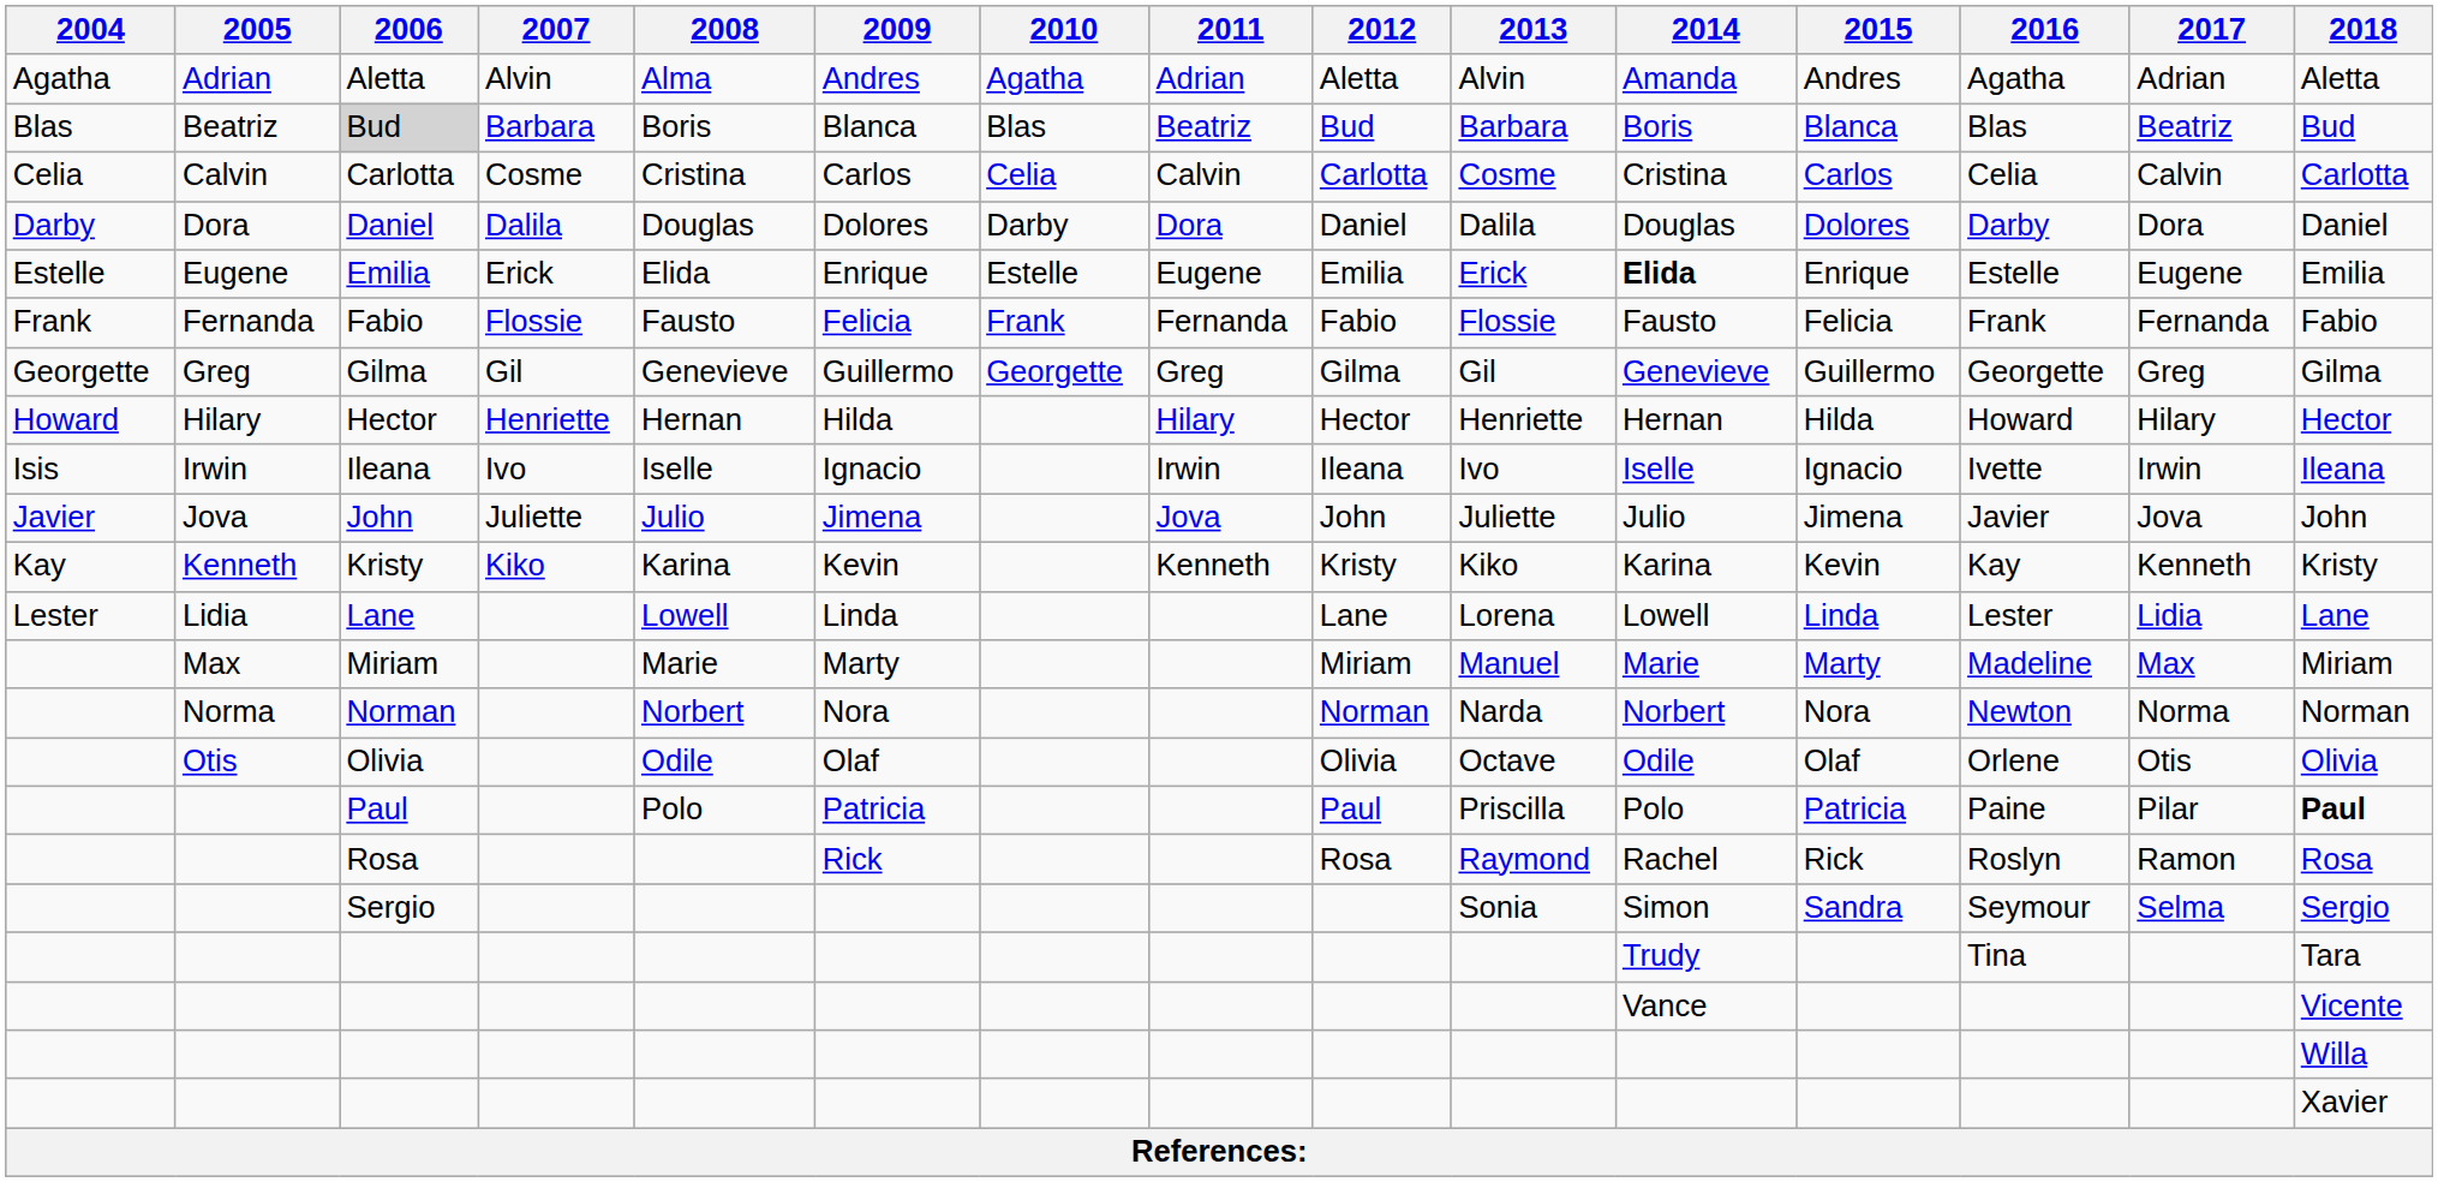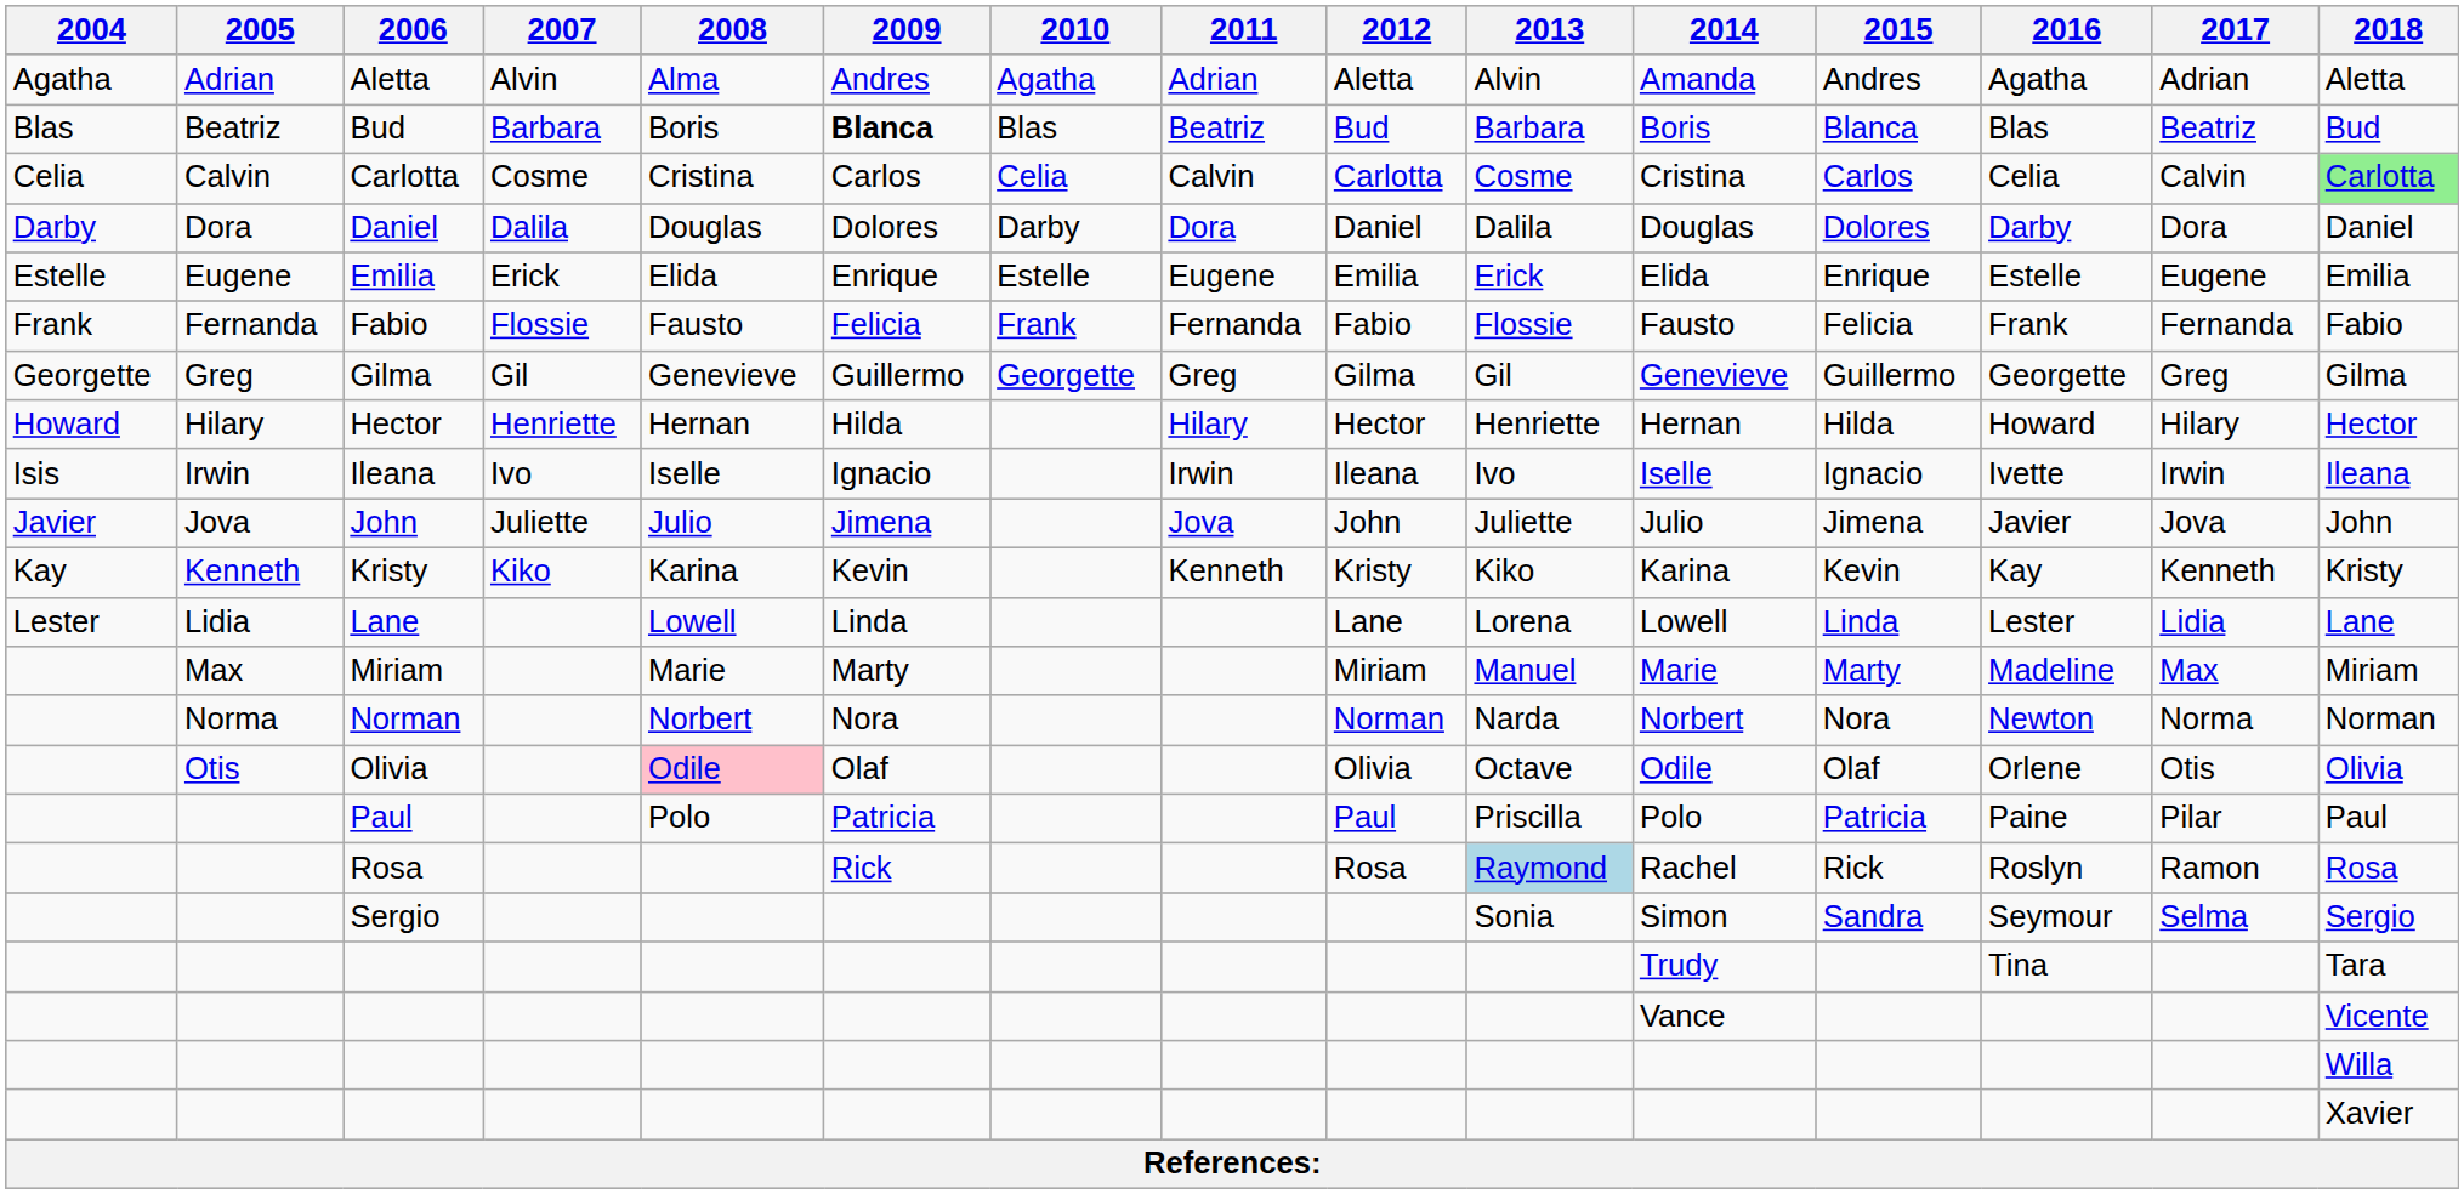 <table class="wikitable" width="100%">
 <tr>
 <th><a href='#'>2004</a></th>
 <th><a href='#'>2005</a></th>
 <th><a href='#'>2006</a></th>
 <th><a href='#'>2007</a></th>
 <th><a href='#'>2008</a></th>
 <th><a href='#'>2009</a></th>
 <th><a href='#'>2010</a></th>
 <th><a href='#'>2011</a></th>
 <th><a href='#'>2012</a></th>
 <th><a href='#'>2013</a></th>
 <th><a href='#'>2014</a></th>
 <th><a href='#'>2015</a></th>
 <th><a href='#'>2016</a></th>
 <th><a href='#'>2017</a></th>
 <th><a href='#'>2018</a></th>
 </tr>
 <tr>
 <td>Agatha</td>
 <td><a href='#'>Adrian</a></td>
 <td>Aletta</td>
 <td>Alvin</td>
 <td><a href='#'>Alma</a></td>
 <td><a href='#'>Andres</a></td>
 <td><a href='#'>Agatha</a></td>
 <td><a href='#'>Adrian</a></td>
 <td>Aletta</td>
 <td>Alvin</td>
 <td><a href='#'>Amanda</a></td>
 <td>Andres</td>
 <td>Agatha</td>
 <td>Adrian</td>
 <td>Aletta</td>
 </tr>
 <tr>
 <td>Blas</td>
 <td>Beatriz</td>
-<td style="background: lightgrey;">Bud</td>
+<td>Bud</td>
 <td><a href='#'>Barbara</a></td>
 <td>Boris</td>
-<td>Blanca</td>
+<td><strong>Blanca</strong></td>
 <td>Blas</td>
 <td><a href='#'>Beatriz</a></td>
 <td><a href='#'>Bud</a></td>
 <td><a href='#'>Barbara</a></td>
 <td><a href='#'>Boris</a></td>
 <td><a href='#'>Blanca</a></td>
 <td>Blas</td>
 <td><a href='#'>Beatriz</a></td>
 <td><a href='#'>Bud</a></td>
 </tr>
 <tr>
 <td>Celia</td>
 <td>Calvin</td>
 <td>Carlotta</td>
 <td>Cosme</td>
 <td>Cristina</td>
 <td>Carlos</td>
 <td><a href='#'>Celia</a></td>
 <td>Calvin</td>
 <td><a href='#'>Carlotta</a></td>
 <td><a href='#'>Cosme</a></td>
 <td>Cristina</td>
 <td><a href='#'>Carlos</a></td>
 <td>Celia</td>
 <td>Calvin</td>
-<td><a href='#'>Carlotta</a></td>
+<td style="background: lightgreen;"><a href='#'>Carlotta</a></td>
 </tr>
 <tr>
 <td><a href='#'>Darby</a></td>
 <td>Dora</td>
 <td><a href='#'>Daniel</a></td>
 <td><a href='#'>Dalila</a></td>
 <td>Douglas</td>
 <td>Dolores</td>
 <td>Darby</td>
 <td><a href='#'>Dora</a></td>
 <td>Daniel</td>
 <td>Dalila</td>
 <td>Douglas</td>
 <td><a href='#'>Dolores</a></td>
 <td><a href='#'>Darby</a></td>
 <td>Dora</td>
 <td>Daniel</td>
 </tr>
 <tr>
 <td>Estelle</td>
 <td>Eugene</td>
 <td><a href='#'>Emilia</a></td>
 <td>Erick</td>
 <td>Elida</td>
 <td>Enrique</td>
 <td>Estelle</td>
 <td>Eugene</td>
 <td>Emilia</td>
 <td><a href='#'>Erick</a></td>
-<td><strong>Elida</strong></td>
+<td>Elida</td>
 <td>Enrique</td>
 <td>Estelle</td>
 <td>Eugene</td>
 <td>Emilia</td>
 </tr>
 <tr>
 <td>Frank</td>
 <td>Fernanda</td>
 <td>Fabio</td>
 <td><a href='#'>Flossie</a></td>
 <td>Fausto</td>
 <td><a href='#'>Felicia</a></td>
 <td><a href='#'>Frank</a></td>
 <td>Fernanda</td>
 <td>Fabio</td>
 <td><a href='#'>Flossie</a></td>
 <td>Fausto</td>
 <td>Felicia</td>
 <td>Frank</td>
 <td>Fernanda</td>
 <td>Fabio</td>
 </tr>
 <tr>
 <td>Georgette</td>
 <td>Greg</td>
 <td>Gilma</td>
 <td>Gil</td>
 <td>Genevieve</td>
 <td>Guillermo</td>
 <td><a href='#'>Georgette</a></td>
 <td>Greg</td>
 <td>Gilma</td>
 <td>Gil</td>
 <td><a href='#'>Genevieve</a></td>
 <td>Guillermo</td>
 <td>Georgette</td>
 <td>Greg</td>
 <td>Gilma</td>
 </tr>
 <tr>
 <td><a href='#'>Howard</a></td>
 <td>Hilary</td>
 <td>Hector</td>
 <td><a href='#'>Henriette</a></td>
 <td>Hernan</td>
 <td>Hilda</td>
 <td></td>
 <td><a href='#'>Hilary</a></td>
 <td>Hector</td>
 <td>Henriette</td>
 <td>Hernan</td>
 <td>Hilda</td>
 <td>Howard</td>
 <td>Hilary</td>
 <td><a href='#'>Hector</a></td>
 </tr>
 <tr>
 <td>Isis</td>
 <td>Irwin</td>
 <td>Ileana</td>
 <td>Ivo</td>
 <td>Iselle</td>
 <td>Ignacio</td>
 <td></td>
 <td>Irwin</td>
 <td>Ileana</td>
 <td>Ivo</td>
 <td><a href='#'>Iselle</a></td>
 <td>Ignacio</td>
 <td>Ivette</td>
 <td>Irwin</td>
 <td><a href='#'>Ileana</a></td>
 </tr>
 <tr>
 <td><a href='#'>Javier</a></td>
 <td>Jova</td>
 <td><a href='#'>John</a></td>
 <td>Juliette</td>
 <td><a href='#'>Julio</a></td>
 <td><a href='#'>Jimena</a></td>
 <td></td>
 <td><a href='#'>Jova</a></td>
 <td>John</td>
 <td>Juliette</td>
 <td>Julio</td>
 <td>Jimena</td>
 <td>Javier</td>
 <td>Jova</td>
 <td>John</td>
 </tr>
 <tr>
 <td>Kay</td>
 <td><a href='#'>Kenneth</a></td>
 <td>Kristy</td>
 <td><a href='#'>Kiko</a></td>
 <td>Karina</td>
 <td>Kevin</td>
 <td></td>
 <td>Kenneth</td>
 <td>Kristy</td>
 <td>Kiko</td>
 <td>Karina</td>
 <td>Kevin</td>
 <td>Kay</td>
 <td>Kenneth</td>
 <td>Kristy</td>
 </tr>
 <tr>
 <td>Lester</td>
 <td>Lidia</td>
 <td><a href='#'>Lane</a></td>
 <td></td>
 <td><a href='#'>Lowell</a></td>
 <td>Linda</td>
 <td></td>
 <td></td>
 <td>Lane</td>
 <td>Lorena</td>
 <td>Lowell</td>
 <td><a href='#'>Linda</a></td>
 <td>Lester</td>
 <td><a href='#'>Lidia</a></td>
 <td><a href='#'>Lane</a></td>
 </tr>
 <tr>
 <td></td>
 <td>Max</td>
 <td>Miriam</td>
 <td></td>
 <td>Marie</td>
 <td>Marty</td>
 <td></td>
 <td></td>
 <td>Miriam</td>
 <td><a href='#'>Manuel</a></td>
 <td><a href='#'>Marie</a></td>
 <td><a href='#'>Marty</a></td>
 <td><a href='#'>Madeline</a></td>
 <td><a href='#'>Max</a></td>
 <td>Miriam</td>
 </tr>
 <tr>
 <td></td>
 <td>Norma</td>
 <td><a href='#'>Norman</a></td>
 <td></td>
 <td><a href='#'>Norbert</a></td>
 <td>Nora</td>
 <td></td>
 <td></td>
 <td><a href='#'>Norman</a></td>
 <td>Narda</td>
 <td><a href='#'>Norbert</a></td>
 <td>Nora</td>
 <td><a href='#'>Newton</a></td>
 <td>Norma</td>
 <td>Norman</td>
 </tr>
 <tr>
 <td></td>
 <td><a href='#'>Otis</a></td>
 <td>Olivia</td>
 <td></td>
-<td><a href='#'>Odile</a></td>
+<td style="background: pink;"><a href='#'>Odile</a></td>
 <td>Olaf</td>
 <td></td>
 <td></td>
 <td>Olivia</td>
 <td>Octave</td>
 <td><a href='#'>Odile</a></td>
 <td>Olaf</td>
 <td>Orlene</td>
 <td>Otis</td>
 <td><a href='#'>Olivia</a></td>
 </tr>
 <tr>
 <td></td>
 <td></td>
 <td><a href='#'>Paul</a></td>
 <td></td>
 <td>Polo</td>
 <td><a href='#'>Patricia</a></td>
 <td></td>
 <td></td>
 <td><a href='#'>Paul</a></td>
 <td>Priscilla</td>
 <td>Polo</td>
 <td><a href='#'>Patricia</a></td>
 <td>Paine</td>
 <td>Pilar</td>
-<td><strong>Paul</strong></td>
+<td>Paul</td>
 </tr>
 <tr>
 <td></td>
 <td></td>
 <td>Rosa</td>
 <td></td>
 <td></td>
 <td><a href='#'>Rick</a></td>
 <td></td>
 <td></td>
 <td>Rosa</td>
-<td><a href='#'>Raymond</a></td>
+<td style="background: lightblue;"><a href='#'>Raymond</a></td>
 <td>Rachel</td>
 <td>Rick</td>
 <td>Roslyn</td>
 <td>Ramon</td>
 <td><a href='#'>Rosa</a></td>
 </tr>
 <tr>
 <td></td>
 <td></td>
 <td>Sergio</td>
 <td></td>
 <td></td>
 <td></td>
 <td></td>
 <td></td>
 <td></td>
 <td>Sonia</td>
 <td>Simon</td>
 <td><a href='#'>Sandra</a></td>
 <td>Seymour</td>
 <td><a href='#'>Selma</a></td>
 <td><a href='#'>Sergio</a></td>
 </tr>
 <tr>
 <td></td>
 <td></td>
 <td></td>
 <td></td>
 <td></td>
 <td></td>
 <td></td>
 <td></td>
 <td></td>
 <td></td>
 <td><a href='#'>Trudy</a></td>
 <td></td>
 <td>Tina</td>
 <td></td>
 <td>Tara</td>
 </tr>
 <tr>
 <td></td>
 <td></td>
 <td></td>
 <td></td>
 <td></td>
 <td></td>
 <td></td>
 <td></td>
 <td></td>
 <td></td>
 <td>Vance</td>
 <td></td>
 <td></td>
 <td></td>
 <td><a href='#'>Vicente</a></td>
 </tr>
 <tr>
 <td></td>
 <td></td>
 <td></td>
 <td></td>
 <td></td>
 <td></td>
 <td></td>
 <td></td>
 <td></td>
 <td></td>
 <td></td>
 <td></td>
 <td></td>
 <td></td>
 <td><a href='#'>Willa</a></td>
 </tr>
 <tr>
 <td></td>
 <td></td>
 <td></td>
 <td></td>
 <td></td>
 <td></td>
 <td></td>
 <td></td>
 <td></td>
 <td></td>
 <td></td>
 <td></td>
 <td></td>
 <td></td>
 <td>Xavier</td>
 </tr>
 <tr>
 <th colspan=15>References:</th>
 </tr>
 </table>
